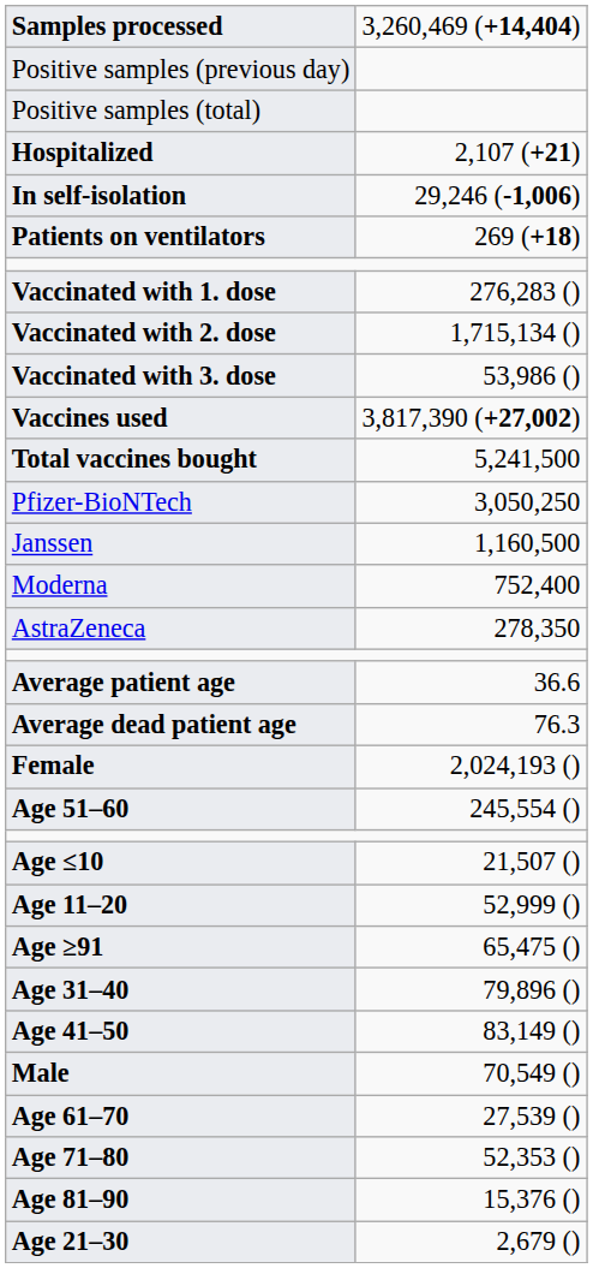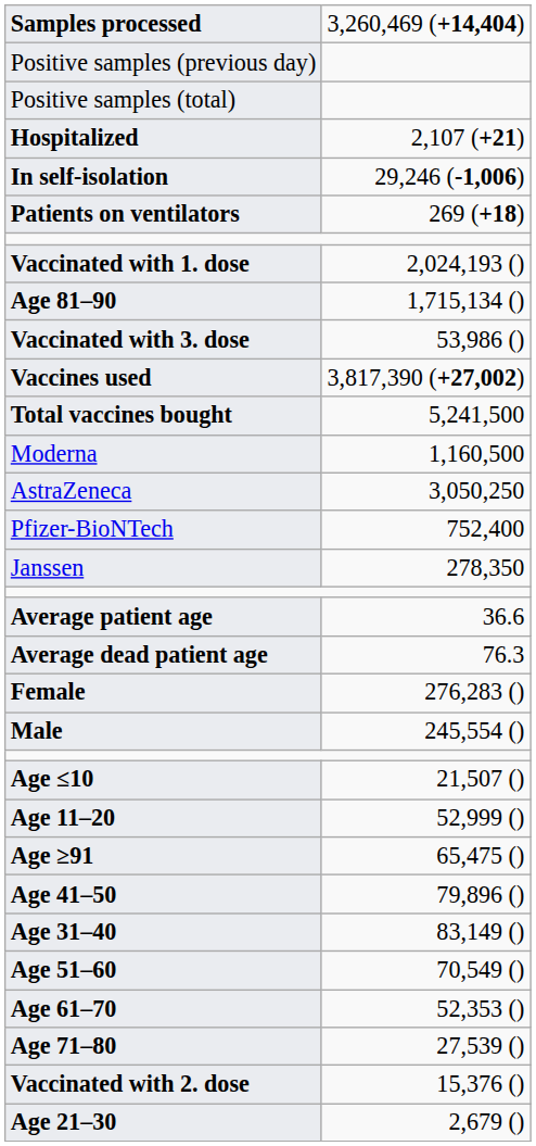 <table class="wikitable plainrowheaders" style="text-align:center;">
 <tr>
 <td align="left" style="background:#EAECF0"><strong>Samples processed</strong></td>
 <td align="right">3,260,469 (<strong>+14,404</strong>)</td>
 </tr>
 <tr>
 <td align="left" style="background:#EAECF0">Positive samples (previous day)</td>
 <td align="right"></td>
 </tr>
 <tr>
 <td align="left" style="background:#EAECF0">Positive samples (total)</td>
 <td align="right"></td>
 </tr>
 <tr>
 <td align="left" style="background:#EAECF0"><strong>Hospitalized</strong></td>
 <td align="right">2,107 (<strong>+21</strong>)</td>
 </tr>
 <tr>
 <td align="left" style="background:#EAECF0"><strong>In self-isolation</strong></td>
 <td align="right">29,246 (<strong>-1,006</strong>)</td>
 </tr>
 <tr>
 <td align="left" style="background:#EAECF0"><strong>Patients on ventilators</strong></td>
 <td align="right">269 (<strong>+18</strong>)</td>
 </tr>
 <tr>
 <td colspan="2"></td>
 </tr>
 <tr>
 <td align="left" style="background:#EAECF0"><strong>Vaccinated with 1. dose</strong></td>
-<td align="right">276,283 ()</td>
+<td align="right">2,024,193 ()</td>
 </tr>
 <tr>
-<td align="left" style="background:#EAECF0"><strong>Vaccinated with 2. dose</strong></td>
+<td align="left" style="background:#EAECF0"><strong>Age 81–90</strong></td>
 <td align="right">1,715,134 ()</td>
 </tr>
 <tr>
 <td align="left" style="background:#EAECF0"><strong>Vaccinated with 3. dose</strong></td>
 <td align="right">53,986 ()</td>
 </tr>
 <tr>
 <td align="left" style="background:#EAECF0"><strong>Vaccines used</strong></td>
 <td align="right">3,817,390 (<strong>+27,002</strong>)</td>
 </tr>
 <tr>
 <td align="left" style="background:#EAECF0"><strong>Total vaccines bought</strong></td>
 <td align="right">5,241,500</td>
 </tr>
 <tr>
-<td align="left" style="background:#EAECF0"><a href='#'>Pfizer-BioNTech</a></td>
+<td align="left" style="background:#EAECF0"><a href='#'>Moderna</a></td>
+<td align="right">1,160,500</td>
+</tr>
+<tr>
+<td align="left" style="background:#EAECF0"><a href='#'>AstraZeneca</a></td>
 <td align="right">3,050,250</td>
 </tr>
 <tr>
-<td align="left" style="background:#EAECF0"><a href='#'>Janssen</a></td>
-<td align="right">1,160,500</td>
-</tr>
-<tr>
-<td align="left" style="background:#EAECF0"><a href='#'>Moderna</a></td>
+<td align="left" style="background:#EAECF0"><a href='#'>Pfizer-BioNTech</a></td>
 <td align="right">752,400</td>
 </tr>
 <tr>
-<td align="left" style="background:#EAECF0"><a href='#'>AstraZeneca</a></td>
+<td align="left" style="background:#EAECF0"><a href='#'>Janssen</a></td>
 <td align="right">278,350</td>
 </tr>
 <tr>
 <td colspan="2"></td>
 </tr>
 <tr>
 <td align="left" style="background:#EAECF0"><strong>Average patient age</strong></td>
 <td align="right">36.6</td>
 </tr>
 <tr>
 <td align="left" style="background:#EAECF0"><strong>Average dead patient age</strong></td>
 <td align="right">76.3</td>
 </tr>
 <tr>
 <td align="left" style="background:#EAECF0"><strong>Female</strong></td>
-<td align="right">2,024,193 ()</td>
+<td align="right">276,283 ()</td>
 </tr>
 <tr>
-<td align="left" style="background:#EAECF0"><strong>Age 51–60</strong></td>
+<td align="left" style="background:#EAECF0"><strong>Male</strong></td>
 <td align="right">245,554 ()</td>
 </tr>
 <tr>
 <td colspan="2"></td>
 </tr>
 <tr>
 <td align="left" style="background:#EAECF0"><strong>Age ≤10</strong></td>
 <td align="right">21,507 ()</td>
 </tr>
 <tr>
 <td align="left" style="background:#EAECF0"><strong>Age 11–20</strong></td>
 <td align="right">52,999 ()</td>
 </tr>
 <tr>
 <td align="left" style="background:#EAECF0"><strong>Age ≥91</strong></td>
 <td align="right">65,475 ()</td>
 </tr>
 <tr>
-<td align="left" style="background:#EAECF0"><strong>Age 31–40</strong></td>
+<td align="left" style="background:#EAECF0"><strong>Age 41–50</strong></td>
 <td align="right">79,896 ()</td>
 </tr>
 <tr>
-<td align="left" style="background:#EAECF0"><strong>Age 41–50</strong></td>
+<td align="left" style="background:#EAECF0"><strong>Age 31–40</strong></td>
 <td align="right">83,149 ()</td>
 </tr>
 <tr>
-<td align="left" style="background:#EAECF0"><strong>Male</strong></td>
+<td align="left" style="background:#EAECF0"><strong>Age 51–60</strong></td>
 <td align="right">70,549 ()</td>
 </tr>
 <tr>
 <td align="left" style="background:#EAECF0"><strong>Age 61–70</strong></td>
+<td align="right">52,353 ()</td>
+</tr>
+<tr>
+<td align="left" style="background:#EAECF0"><strong>Age 71–80</strong></td>
 <td align="right">27,539 ()</td>
 </tr>
 <tr>
-<td align="left" style="background:#EAECF0"><strong>Age 71–80</strong></td>
-<td align="right">52,353 ()</td>
-</tr>
-<tr>
-<td align="left" style="background:#EAECF0"><strong>Age 81–90</strong></td>
+<td align="left" style="background:#EAECF0"><strong>Vaccinated with 2. dose</strong></td>
 <td align="right">15,376 ()</td>
 </tr>
 <tr>
 <td align="left" style="background:#EAECF0"><strong>Age 21–30</strong></td>
 <td align="right">2,679 ()</td>
 </tr>
 <tr>
 </tr>
 </table>
